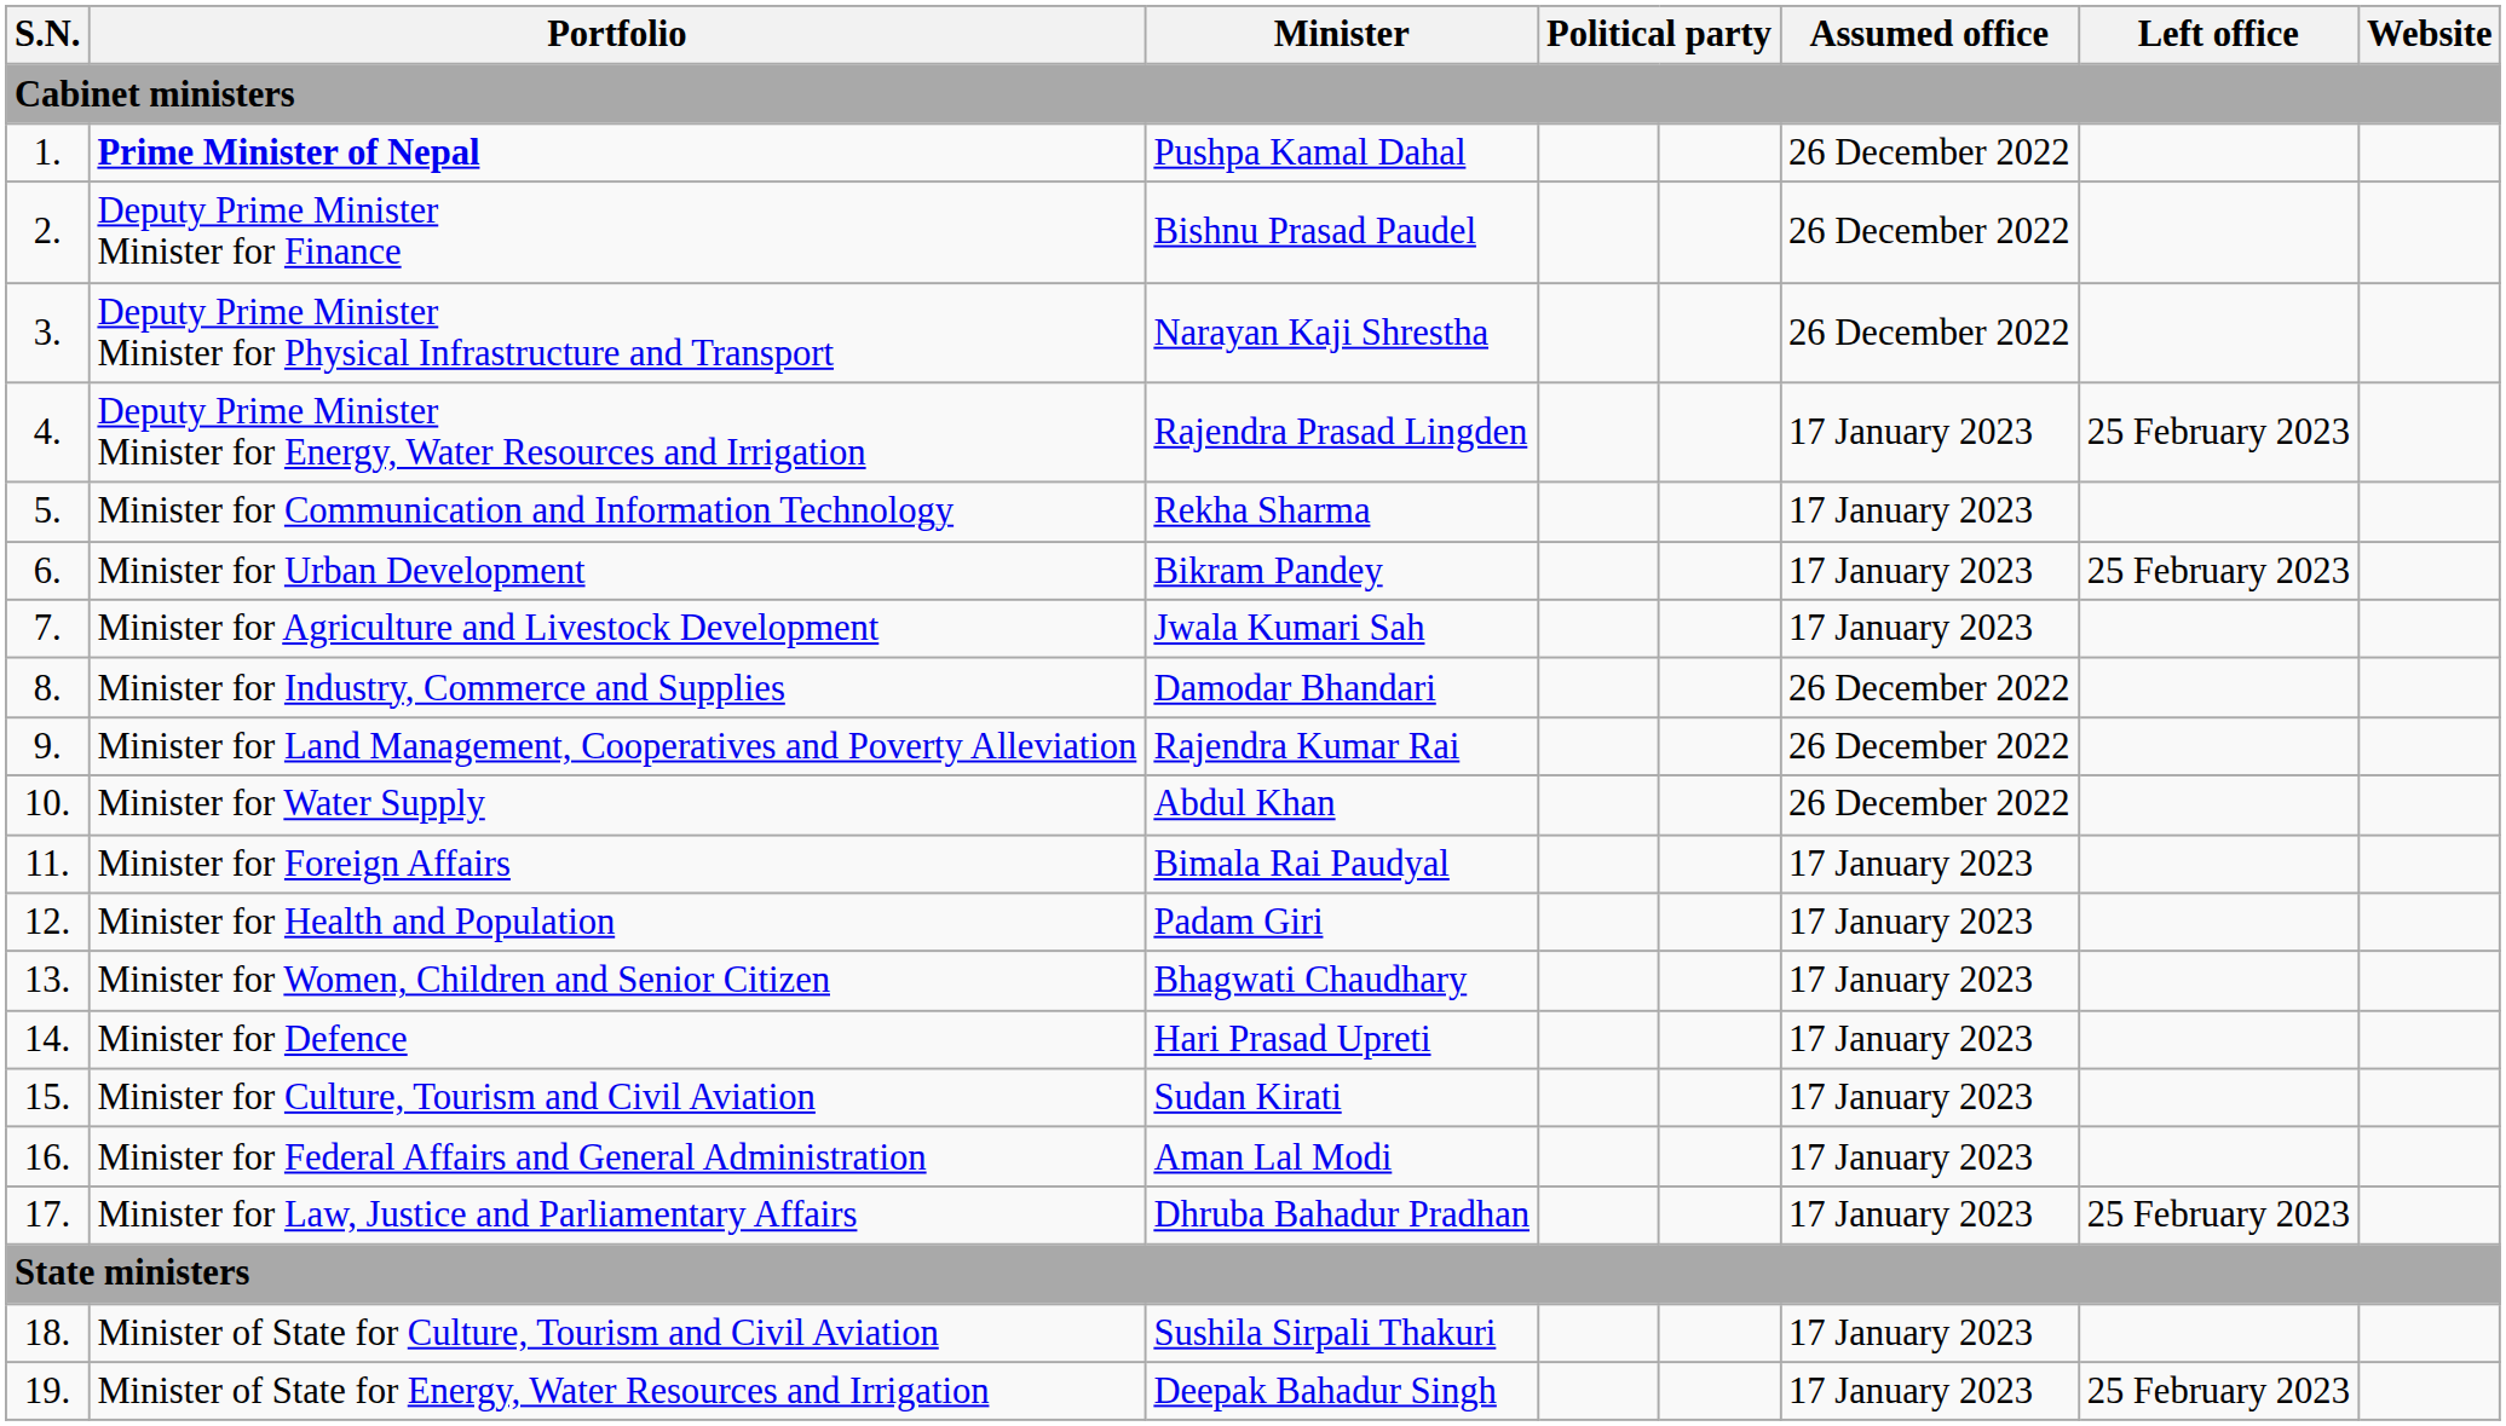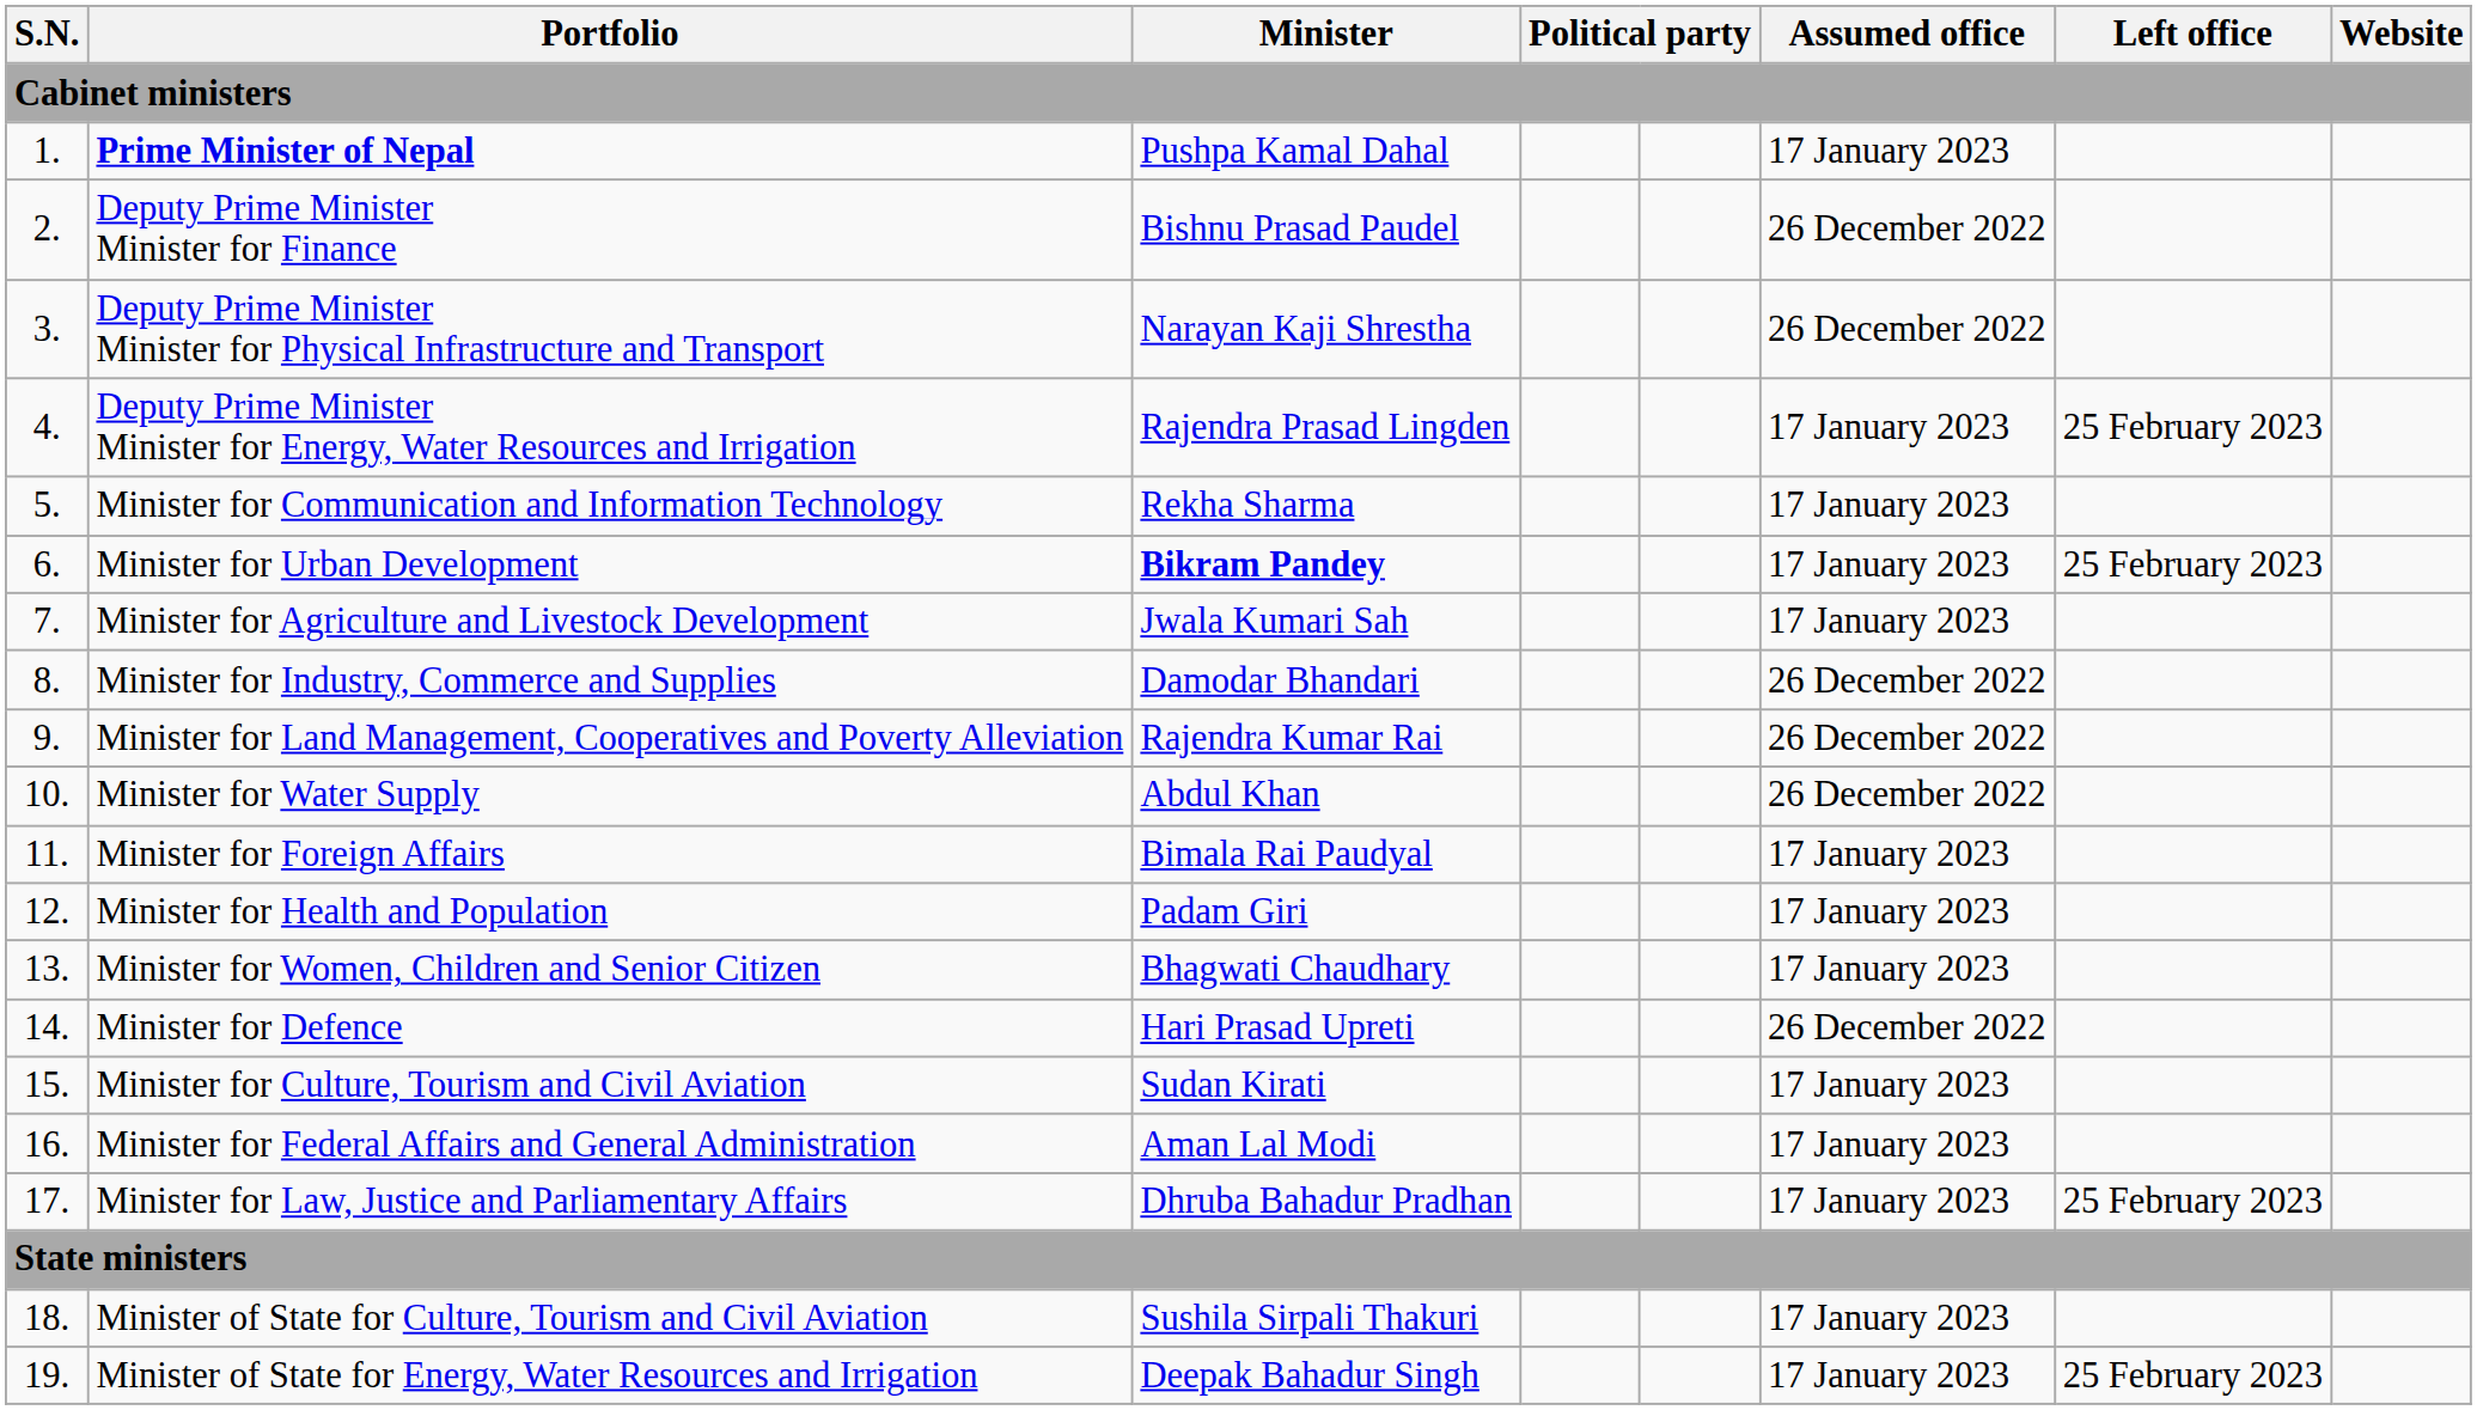 <table class="wikitable mw-collapsible mw-collapsed">
 <tr>
 <th>S.N.</th>
 <th>Portfolio</th>
 <th>Minister</th>
 <th colspan="2">Political party</th>
 <th>Assumed office</th>
 <th>Left office</th>
 <th>Website</th>
 </tr>
 <tr>
 <td colspan="8" bgcolor="darkgrey"><strong>Cabinet ministers</strong></td>
 </tr>
 <tr>
 <td style="text-align:center;">1.</td>
 <td><strong><a href='#'>Prime Minister of Nepal</a></strong><br></td>
 <td><a href='#'>Pushpa Kamal Dahal</a></td>
 <td></td>
 <td></td>
-<td>26 December 2022</td>
+<td>17 January 2023</td>
 <td></td>
 <td></td>
 </tr>
 <tr>
 <td style="text-align:center;">2.</td>
 <td><a href='#'>Deputy Prime Minister</a><br>Minister for <a href='#'>Finance</a></td>
 <td><a href='#'>Bishnu Prasad Paudel</a></td>
 <td></td>
 <td></td>
 <td>26 December 2022</td>
 <td></td>
 <td></td>
 </tr>
 <tr>
 <td style="text-align:center;">3.</td>
 <td><a href='#'>Deputy Prime Minister</a><br>Minister for <a href='#'>Physical Infrastructure and Transport</a></td>
 <td><a href='#'>Narayan Kaji Shrestha</a></td>
 <td></td>
 <td></td>
 <td>26 December 2022</td>
 <td></td>
 <td></td>
 </tr>
 <tr>
 <td style="text-align:center;">4.</td>
 <td><a href='#'>Deputy Prime Minister</a><br>Minister for <a href='#'>Energy, Water Resources and Irrigation</a></td>
 <td><a href='#'>Rajendra Prasad Lingden</a></td>
 <td></td>
 <td></td>
 <td>17 January 2023</td>
 <td>25 February 2023</td>
 <td> </td>
 </tr>
 <tr>
 <td style="text-align:center;">5.</td>
 <td>Minister for <a href='#'>Communication and Information Technology</a></td>
 <td><a href='#'>Rekha Sharma</a></td>
 <td></td>
 <td></td>
 <td>17 January 2023</td>
 <td></td>
 <td></td>
 </tr>
 <tr>
 <td style="text-align:center;">6.</td>
 <td>Minister for <a href='#'>Urban Development</a></td>
-<td><a href='#'>Bikram Pandey</a></td>
+<td><strong><a href='#'>Bikram Pandey</a></strong></td>
 <td></td>
 <td></td>
 <td>17 January 2023</td>
 <td>25 February 2023</td>
 <td></td>
 </tr>
 <tr>
 <td style="text-align:center;">7.</td>
 <td>Minister for <a href='#'>Agriculture and Livestock Development</a></td>
 <td><a href='#'>Jwala Kumari Sah</a></td>
 <td></td>
 <td></td>
 <td>17 January 2023</td>
 <td></td>
 <td></td>
 </tr>
 <tr>
 <td style="text-align:center;">8.</td>
 <td>Minister for <a href='#'>Industry, Commerce and Supplies</a></td>
 <td><a href='#'>Damodar Bhandari</a></td>
 <td></td>
 <td></td>
 <td>26 December 2022</td>
 <td></td>
 <td></td>
 </tr>
 <tr>
 <td style="text-align:center;">9.</td>
 <td>Minister for <a href='#'>Land Management, Cooperatives and Poverty Alleviation</a></td>
 <td><a href='#'>Rajendra Kumar Rai</a></td>
 <td></td>
 <td></td>
 <td>26 December 2022</td>
 <td></td>
 <td></td>
 </tr>
 <tr>
 <td style="text-align:center;">10.</td>
 <td>Minister for <a href='#'>Water Supply</a></td>
 <td><a href='#'>Abdul Khan</a></td>
 <td></td>
 <td></td>
 <td>26 December 2022</td>
 <td></td>
 <td> </td>
 </tr>
 <tr>
 <td style="text-align:center;">11.</td>
 <td>Minister for <a href='#'>Foreign Affairs</a></td>
 <td><a href='#'>Bimala Rai Paudyal</a></td>
 <td></td>
 <td></td>
 <td>17 January 2023</td>
 <td></td>
 <td></td>
 </tr>
 <tr>
 <td style="text-align:center;">12.</td>
 <td>Minister for <a href='#'>Health and Population</a></td>
 <td><a href='#'>Padam Giri</a></td>
 <td></td>
 <td></td>
 <td>17 January 2023</td>
 <td></td>
 <td> </td>
 </tr>
 <tr>
 <td style="text-align:center;">13.</td>
 <td>Minister for <a href='#'>Women, Children and Senior Citizen</a></td>
 <td><a href='#'>Bhagwati Chaudhary</a></td>
 <td></td>
 <td></td>
 <td>17 January 2023</td>
 <td></td>
 <td></td>
 </tr>
 <tr>
 <td style="text-align:center;">14.</td>
 <td>Minister for <a href='#'>Defence</a></td>
 <td><a href='#'>Hari Prasad Upreti</a></td>
 <td></td>
 <td></td>
-<td>17 January 2023</td>
+<td>26 December 2022</td>
 <td></td>
 <td></td>
 </tr>
 <tr>
 <td style="text-align:center;">15.</td>
 <td>Minister for <a href='#'>Culture, Tourism and Civil Aviation</a></td>
 <td><a href='#'>Sudan Kirati</a></td>
 <td></td>
 <td></td>
 <td>17 January 2023</td>
 <td></td>
 <td></td>
 </tr>
 <tr>
 <td style="text-align:center;">16.</td>
 <td>Minister for <a href='#'>Federal Affairs and General Administration</a></td>
 <td><a href='#'>Aman Lal Modi</a></td>
 <td></td>
 <td></td>
 <td>17 January 2023</td>
 <td></td>
 <td></td>
 </tr>
 <tr>
 <td style="text-align:center;">17.</td>
 <td>Minister for <a href='#'>Law, Justice and Parliamentary Affairs</a></td>
 <td><a href='#'>Dhruba Bahadur Pradhan</a></td>
 <td></td>
 <td></td>
 <td>17 January 2023</td>
 <td>25 February 2023</td>
 <td></td>
 </tr>
 <tr>
 <td colspan="8" bgcolor="darkgrey"><strong>State ministers</strong></td>
 </tr>
 <tr>
 <td style="text-align:center;">18.</td>
 <td>Minister of State for <a href='#'>Culture, Tourism and Civil Aviation</a></td>
 <td><a href='#'>Sushila Sirpali Thakuri</a></td>
 <td></td>
 <td></td>
 <td>17 January 2023</td>
 <td></td>
 <td></td>
 </tr>
 <tr>
 <td style="text-align:center;">19.</td>
 <td>Minister of State for <a href='#'>Energy, Water Resources and Irrigation</a></td>
 <td><a href='#'>Deepak Bahadur Singh</a></td>
 <td></td>
 <td></td>
 <td>17 January 2023</td>
 <td>25 February 2023</td>
 <td> </td>
 </tr>
 </table>
